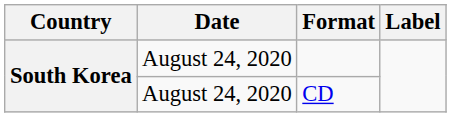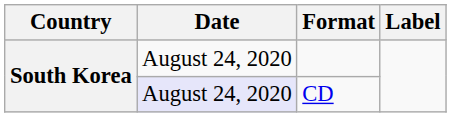 <table class="wikitable plainrowheaders">
 <tr>
 <th scope="col">Country</th>
 <th scope="col">Date</th>
 <th scope="col">Format</th>
 <th scope="col">Label</th>
 </tr>
 <tr>
 <th scope="row" rowspan="2">South Korea</th>
 <td>August 24, 2020</td>
 <td></td>
 <td rowspan="2"></td>
 </tr>
 <tr>
-<td>August 24, 2020</td>
+<td style="background: lavender;">August 24, 2020</td>
 <td><a href='#'>CD</a></td>
 </tr>
 </table>
